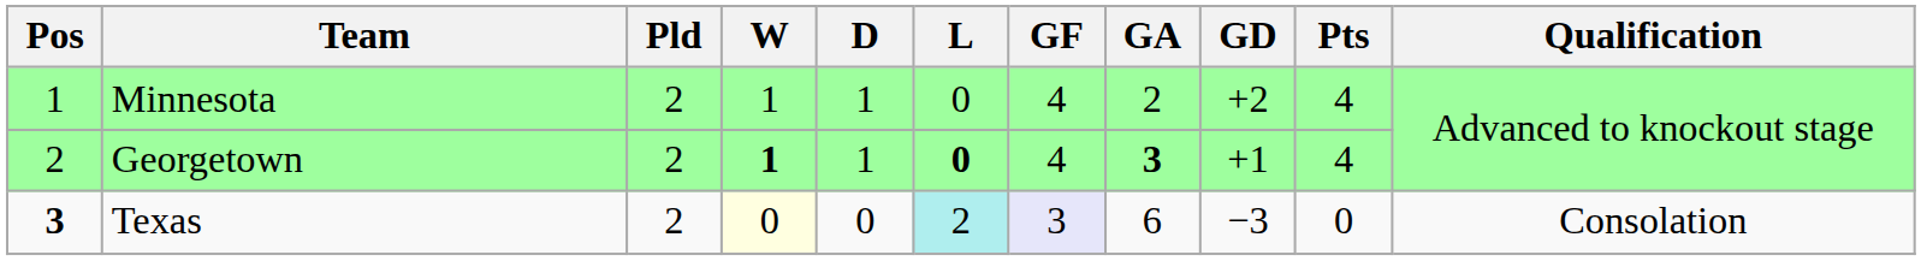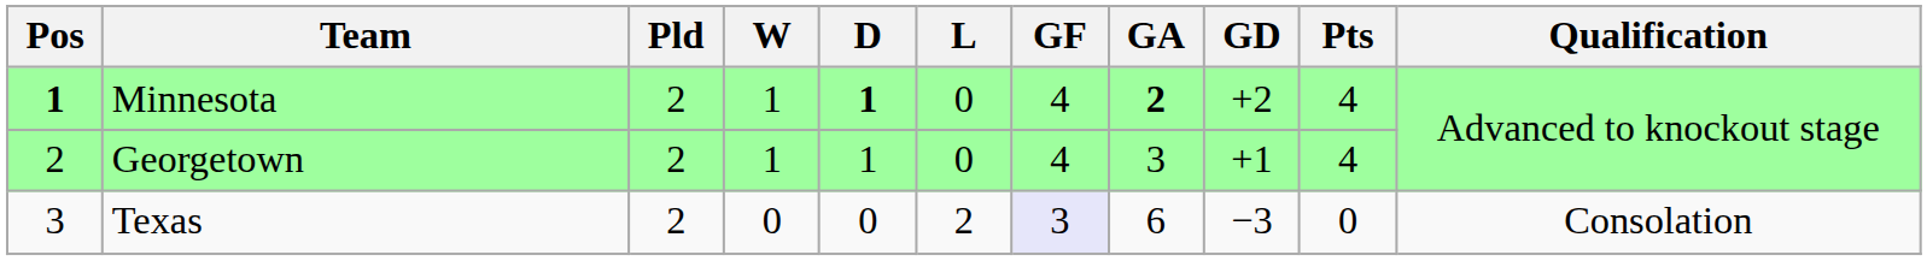 <table class="wikitable" style="text-align:center; margin: 1em auto">
 <tr>
 <th style="width:2em">Pos</th>
 <th style="width:13em">Team</th>
 <th style="width:2em">Pld</th>
 <th style="width:2em">W</th>
 <th style="width:2em">D</th>
 <th style="width:2em">L</th>
 <th style="width:2em">GF</th>
 <th style="width:2em">GA</th>
 <th style="width:2em">GD</th>
 <th style="width:2em">Pts</th>
 <th style="width:13em">Qualification</th>
 </tr>
 <tr bgcolor="#9eff9e">
-<td>1</td>
+<td><strong>1</strong></td>
 <td style="text-align:left">Minnesota</td>
 <td>2</td>
 <td>1</td>
-<td>1</td>
+<td><strong>1</strong></td>
 <td>0</td>
 <td>4</td>
-<td>2</td>
+<td><strong>2</strong></td>
 <td>+2</td>
 <td>4</td>
 <td rowspan="2">Advanced to knockout stage</td>
 </tr>
 <tr bgcolor="#9eff9e">
 <td>2</td>
 <td style="text-align:left">Georgetown</td>
 <td>2</td>
-<td><strong>1</strong></td>
 <td>1</td>
-<td><strong>0</strong></td>
+<td>1</td>
+<td>0</td>
 <td>4</td>
-<td><strong>3</strong></td>
+<td>3</td>
 <td>+1</td>
 <td>4</td>
 </tr>
 <tr>
-<td><strong>3</strong></td>
+<td>3</td>
 <td style="text-align:left">Texas</td>
 <td>2</td>
-<td style="background: lightyellow;">0</td>
 <td>0</td>
-<td style="background: paleturquoise;">2</td>
+<td>0</td>
+<td>2</td>
 <td style="background: lavender;">3</td>
 <td>6</td>
 <td>−3</td>
 <td>0</td>
 <td>Consolation</td>
 </tr>
 </table>
